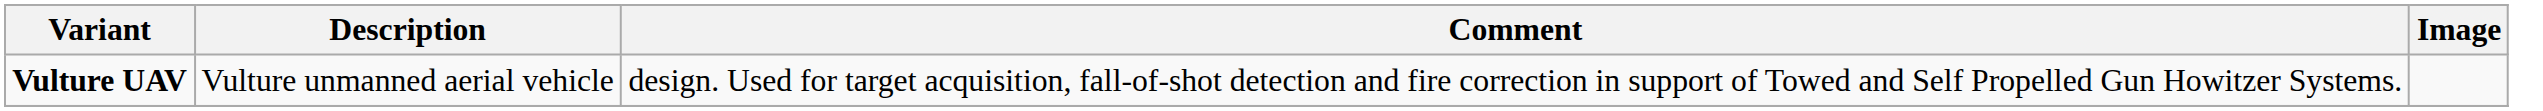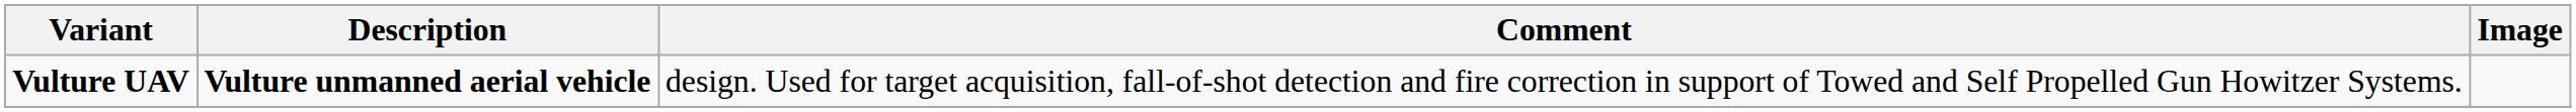 <table class="wikitable sortable">
 <tr>
 <th>Variant</th>
 <th>Description</th>
 <th>Comment</th>
 <th>Image</th>
 </tr>
 <tr>
 <td><strong>Vulture UAV</strong></td>
-<td>Vulture unmanned aerial vehicle</td>
+<td><strong>Vulture unmanned aerial vehicle</strong></td>
 <td> design. Used for target acquisition, fall-of-shot detection and fire correction in support of Towed and Self Propelled Gun Howitzer Systems.</td>
 <td></td>
 </tr>
 <tr>
 </tr>
 </table>
